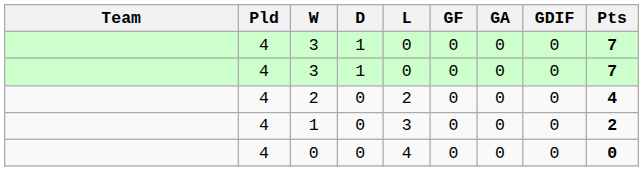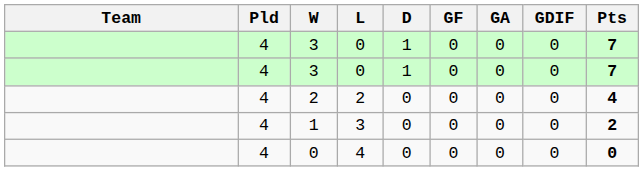 <table class=wikitable style="text-align:center" width=500>
 <tr>
 <th width=25%>Team</th>
 <th width=5%>Pld</th>
 <th width=5%>W</th>
+<th width=5%>L</th>
 <th width=5%>D</th>
-<th width=5%>L</th>
 <th width=5%>GF</th>
 <th width=5%>GA</th>
 <th width=5%>GDIF</th>
 <th width=5%>Pts</th>
 </tr>
 <tr bgcolor=#ccffcc>
 <td align="left"></td>
 <td>4</td>
 <td>3</td>
+<td>0</td>
 <td>1</td>
-<td>0</td>
 <td>0</td>
 <td>0</td>
 <td>0</td>
 <td><strong>7</strong></td>
 </tr>
 <tr bgcolor=#ccffcc>
 <td align="left"></td>
 <td>4</td>
 <td>3</td>
+<td>0</td>
 <td>1</td>
-<td>0</td>
 <td>0</td>
 <td>0</td>
 <td>0</td>
 <td><strong>7</strong></td>
 </tr>
 <tr>
 <td align="left"></td>
 <td>4</td>
 <td>2</td>
+<td>2</td>
 <td>0</td>
-<td>2</td>
 <td>0</td>
 <td>0</td>
 <td>0</td>
 <td><strong>4</strong></td>
 </tr>
 <tr>
 <td align="left"></td>
 <td>4</td>
 <td>1</td>
+<td>3</td>
 <td>0</td>
-<td>3</td>
 <td>0</td>
 <td>0</td>
 <td>0</td>
 <td><strong>2</strong></td>
 </tr>
 <tr>
 <td align="left"></td>
 <td>4</td>
 <td>0</td>
+<td>4</td>
 <td>0</td>
-<td>4</td>
 <td>0</td>
 <td>0</td>
 <td>0</td>
 <td><strong>0</strong></td>
 </tr>
 </table>
